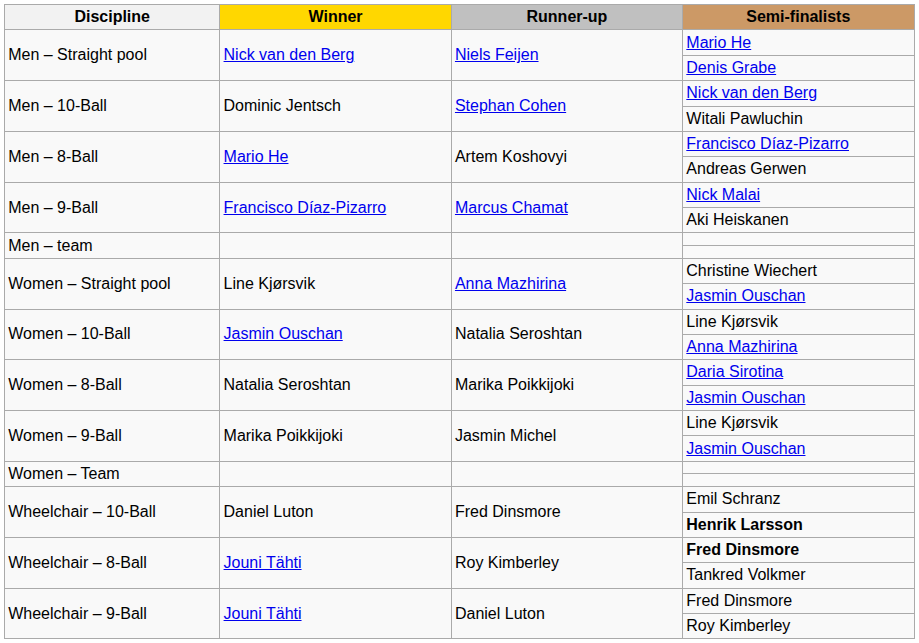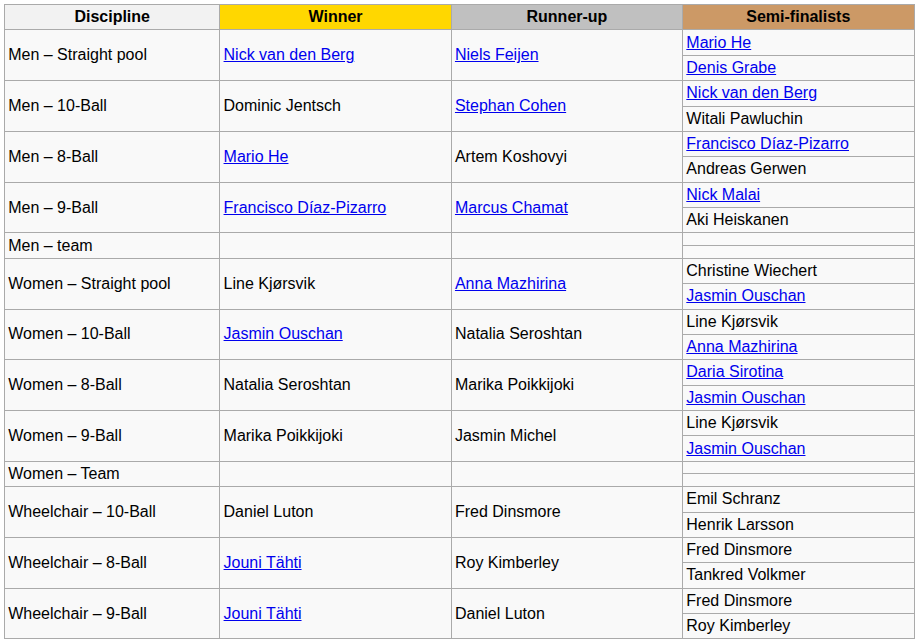 <table class="wikitable">
 <tr>
 <th style="width:13em">Discipline</th>
 <th style="background:gold; width:14em">Winner</th>
 <th style="background:silver; width:14em">Runner-up</th>
 <th style="background:#cc9966; width:14em">Semi-finalists</th>
 </tr>
 <tr>
 <td rowspan="2">Men – Straight pool</td>
 <td rowspan="2"> <a href='#'>Nick van den Berg</a></td>
 <td rowspan="2"> <a href='#'>Niels Feijen</a></td>
 <td> <a href='#'>Mario He</a></td>
 </tr>
 <tr>
 <td> <a href='#'>Denis Grabe</a></td>
 </tr>
 <tr>
 <td rowspan="2">Men – 10-Ball</td>
 <td rowspan="2"> Dominic Jentsch</td>
 <td rowspan="2"> <a href='#'>Stephan Cohen</a></td>
 <td> <a href='#'>Nick van den Berg</a></td>
 </tr>
 <tr>
 <td> Witali Pawluchin</td>
 </tr>
 <tr>
 <td rowspan="2">Men – 8-Ball</td>
 <td rowspan="2"> <a href='#'>Mario He</a></td>
 <td rowspan="2"> Artem Koshovyi</td>
 <td> <a href='#'>Francisco Díaz-Pizarro</a></td>
 </tr>
 <tr>
 <td> Andreas Gerwen</td>
 </tr>
 <tr>
 <td rowspan="2">Men – 9-Ball</td>
 <td rowspan="2"> <a href='#'>Francisco Díaz-Pizarro</a></td>
 <td rowspan="2"> <a href='#'>Marcus Chamat</a></td>
 <td> <a href='#'>Nick Malai</a></td>
 </tr>
 <tr>
 <td> Aki Heiskanen</td>
 </tr>
 <tr>
 <td rowspan="2">Men – team</td>
 <td rowspan="2"></td>
 <td rowspan="2"></td>
 <td></td>
 </tr>
 <tr>
 <td></td>
 </tr>
 <tr>
 <td rowspan="2">Women – Straight pool</td>
 <td rowspan="2"> Line Kjørsvik</td>
 <td rowspan="2"> <a href='#'>Anna Mazhirina</a></td>
 <td> Christine Wiechert</td>
 </tr>
 <tr>
 <td> <a href='#'>Jasmin Ouschan</a></td>
 </tr>
 <tr>
 <td rowspan="2">Women – 10-Ball</td>
 <td rowspan="2"> <a href='#'>Jasmin Ouschan</a></td>
 <td rowspan="2"> Natalia Seroshtan</td>
 <td> Line Kjørsvik</td>
 </tr>
 <tr>
 <td> <a href='#'>Anna Mazhirina</a></td>
 </tr>
 <tr>
 <td rowspan="2">Women – 8-Ball</td>
 <td rowspan="2"> Natalia Seroshtan</td>
 <td rowspan="2"> Marika Poikkijoki</td>
 <td> <a href='#'>Daria Sirotina</a></td>
 </tr>
 <tr>
 <td> <a href='#'>Jasmin Ouschan</a></td>
 </tr>
 <tr>
 <td rowspan="2">Women – 9-Ball</td>
 <td rowspan="2"> Marika Poikkijoki</td>
 <td rowspan="2"> Jasmin Michel</td>
 <td> Line Kjørsvik</td>
 </tr>
 <tr>
 <td> <a href='#'>Jasmin Ouschan</a></td>
 </tr>
 <tr>
 <td rowspan="2">Women – Team</td>
 <td rowspan="2"></td>
 <td rowspan="2"></td>
 <td></td>
 </tr>
 <tr>
 <td></td>
 </tr>
 <tr>
 <td rowspan="2">Wheelchair – 10-Ball</td>
 <td rowspan="2"> Daniel Luton</td>
 <td rowspan="2"> Fred Dinsmore</td>
 <td> Emil Schranz</td>
 </tr>
 <tr>
-<td><strong> Henrik Larsson</strong></td>
+<td> Henrik Larsson</td>
 </tr>
 <tr>
 <td rowspan="2">Wheelchair – 8-Ball</td>
 <td rowspan="2"> <a href='#'>Jouni Tähti</a></td>
 <td rowspan="2"> Roy Kimberley</td>
-<td><strong> Fred Dinsmore</strong></td>
+<td> Fred Dinsmore</td>
 </tr>
 <tr>
 <td> Tankred Volkmer</td>
 </tr>
 <tr>
 <td rowspan="2">Wheelchair – 9-Ball</td>
 <td rowspan="2"> <a href='#'>Jouni Tähti</a></td>
 <td rowspan="2"> Daniel Luton</td>
 <td> Fred Dinsmore</td>
 </tr>
 <tr>
 <td> Roy Kimberley</td>
 </tr>
 </table>
